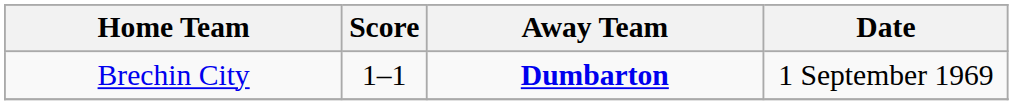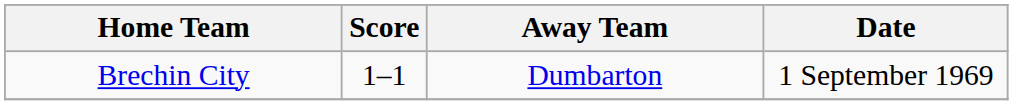 <table class="wikitable" style="text-align:center;">
 <tr>
 <th width=175>Home Team</th>
 <th width=20>Score</th>
 <th width=175>Away Team</th>
 <th width= 125>Date</th>
 </tr>
 <tr>
 <td><a href='#'>Brechin City</a></td>
 <td>1–1</td>
-<td><strong><a href='#'>Dumbarton</a></strong></td>
+<td><a href='#'>Dumbarton</a></td>
 <td>1 September 1969</td>
 </tr>
 <tr>
 </tr>
 </table>
